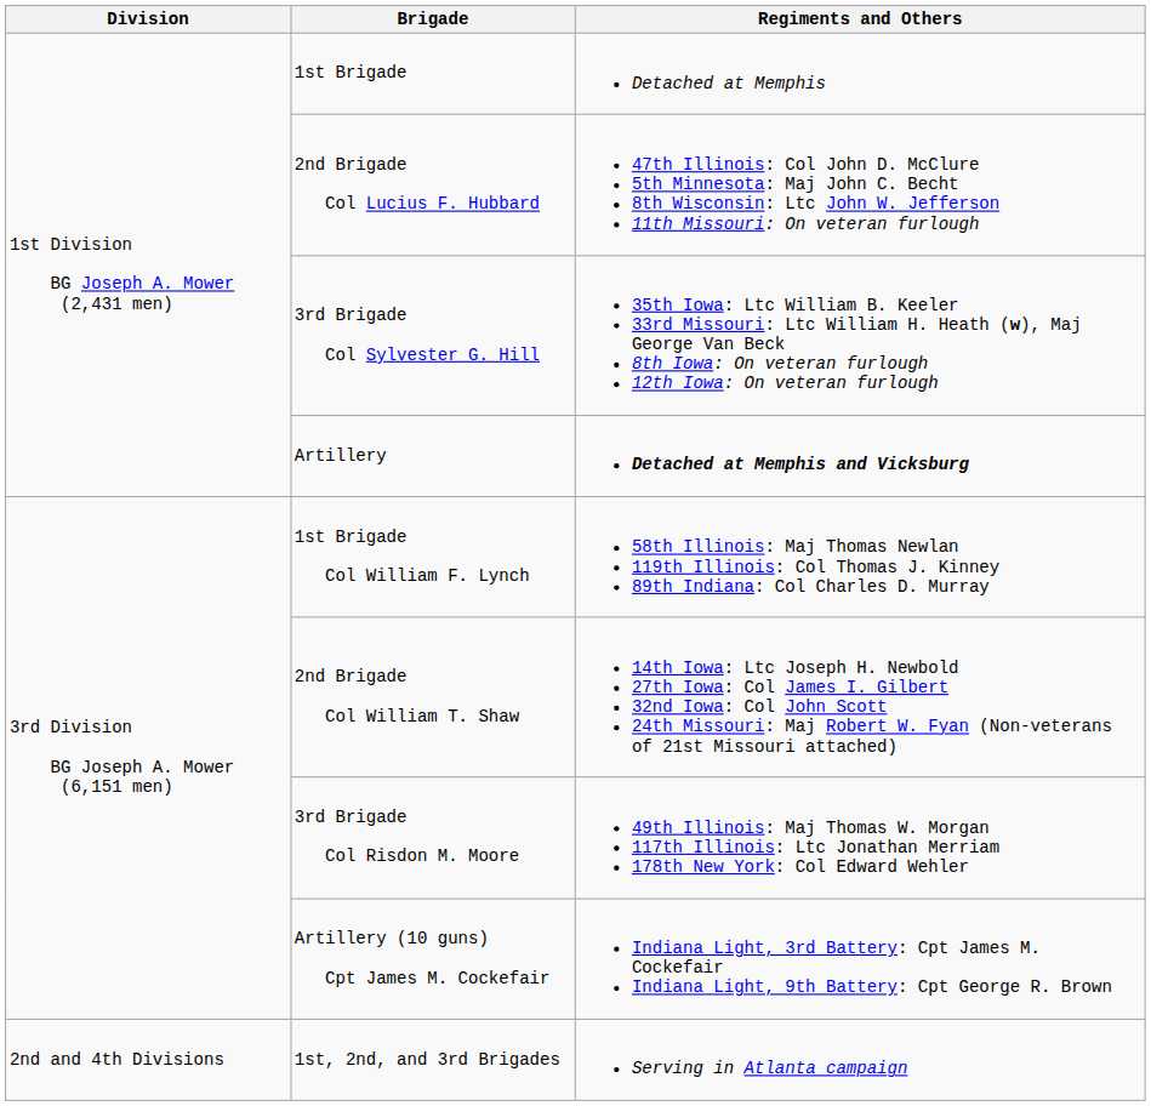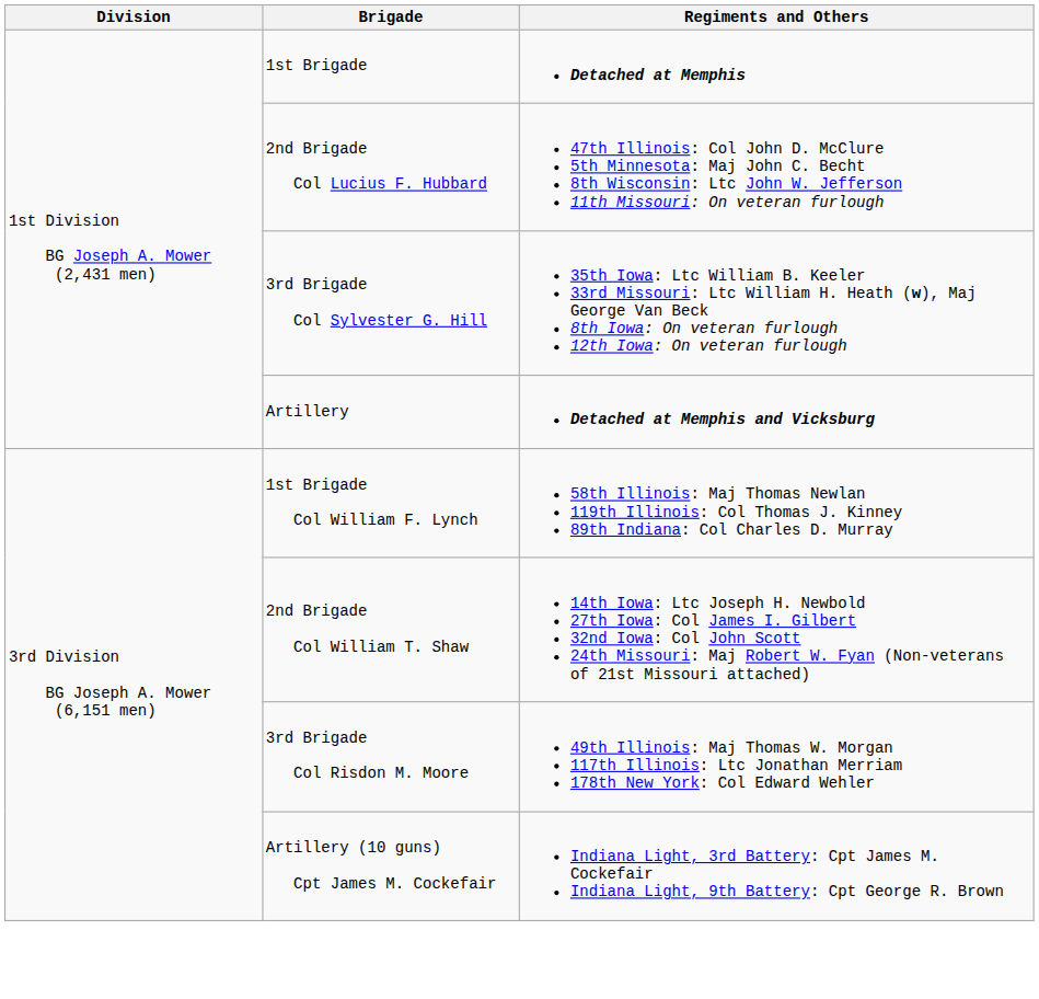 <table class="wikitable">
 <tr>
 <th width="25%">Division</th>
 <th width="25%">Brigade</th>
 <th>Regiments and Others</th>
 </tr>
 <tr>
 <td rowspan="4"><br>1st Division<br><br>    BG <a href='#'>Joseph A. Mower</a> <br>     (2,431 men)</td>
 <td>1st Brigade</td>
-<td><br><ul><li><em>Detached at Memphis</em></li></ul></td>
+<td><strong><br><ul><li><em>Detached at Memphis</em></li></ul></strong></td>
 </tr>
 <tr>
 <td>2nd Brigade<br><br>   Col <a href='#'>Lucius F. Hubbard</a></td>
 <td><br><ul><li><a href='#'>47th Illinois</a>: Col John D. McClure</li><li><a href='#'>5th Minnesota</a>: Maj John C. Becht</li><li><a href='#'>8th Wisconsin</a>: Ltc <a href='#'>John W. Jefferson</a></li><li><em><a href='#'>11th Missouri</a>: On veteran furlough</em></li></ul></td>
 </tr>
 <tr>
 <td>3rd Brigade<br><br>   Col <a href='#'>Sylvester G. Hill</a></td>
 <td><br><ul><li><a href='#'>35th Iowa</a>: Ltc William B. Keeler</li><li><a href='#'>33rd Missouri</a>: Ltc William H. Heath (<strong>w</strong>), Maj George Van Beck</li><li><em><a href='#'>8th Iowa</a>: On veteran furlough</em></li><li><em><a href='#'>12th Iowa</a>: On veteran furlough</em></li></ul></td>
 </tr>
 <tr>
 <td>Artillery</td>
 <td><strong><br><ul><li><em>Detached at Memphis and Vicksburg</em></li></ul></strong></td>
 </tr>
 <tr>
 <td rowspan="4">3rd Division<br><br>    BG Joseph A. Mower <br>     (6,151 men)</td>
 <td>1st Brigade<br><br>   Col William F. Lynch</td>
 <td><br><ul><li><a href='#'>58th Illinois</a>: Maj Thomas Newlan</li><li><a href='#'>119th Illinois</a>: Col Thomas J. Kinney</li><li><a href='#'>89th Indiana</a>: Col Charles D. Murray</li></ul></td>
 </tr>
 <tr>
 <td>2nd Brigade<br><br>   Col William T. Shaw</td>
 <td><br><ul><li><a href='#'>14th Iowa</a>: Ltc Joseph H. Newbold</li><li><a href='#'>27th Iowa</a>: Col <a href='#'>James I. Gilbert</a></li><li><a href='#'>32nd Iowa</a>: Col <a href='#'>John Scott</a></li><li><a href='#'>24th Missouri</a>: Maj <a href='#'>Robert W. Fyan</a> (Non-veterans of 21st Missouri attached)</li></ul></td>
 </tr>
 <tr>
 <td>3rd Brigade<br><br>   Col Risdon M. Moore</td>
 <td><br><ul><li><a href='#'>49th Illinois</a>: Maj Thomas W. Morgan</li><li><a href='#'>117th Illinois</a>: Ltc Jonathan Merriam</li><li><a href='#'>178th New York</a>: Col Edward Wehler</li></ul></td>
 </tr>
 <tr>
 <td>Artillery (10 guns)<br><br>   Cpt James M. Cockefair</td>
 <td><br><ul><li><a href='#'>Indiana Light, 3rd Battery</a>: Cpt James M. Cockefair</li><li><a href='#'>Indiana Light, 9th Battery</a>: Cpt George R. Brown</li></ul></td>
 </tr>
-<tr>
-<td rowspan=1>2nd and 4th Divisions</td>
-<td>1st, 2nd, and 3rd Brigades</td>
-<td><br><ul><li><em>Serving in <a href='#'>Atlanta campaign</a></em></li></ul></td>
-</tr>
 </table>
